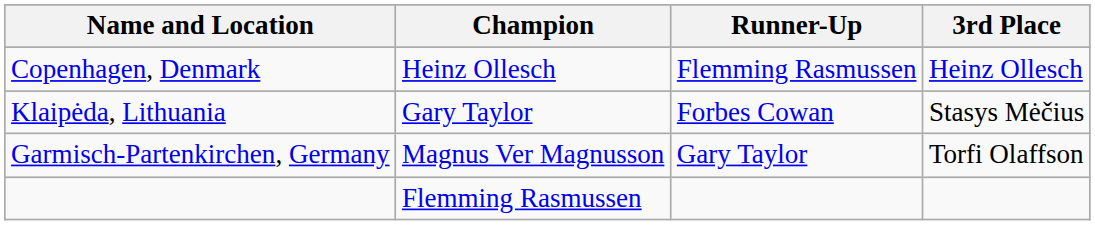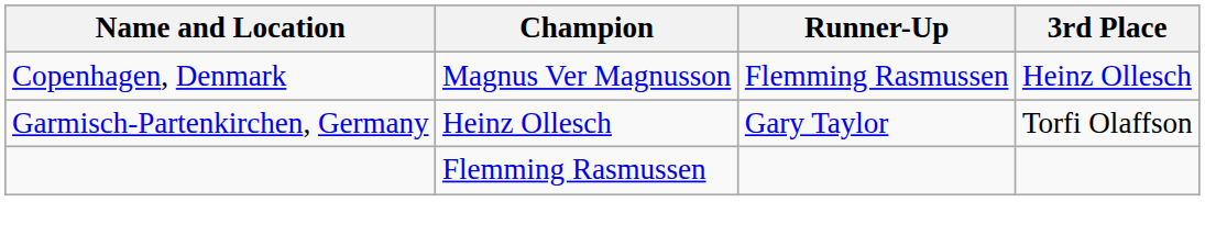 <table class="wikitable" style="display: inline-table">
 <tr>
 <th>Name and Location</th>
 <th>Champion</th>
 <th>Runner-Up</th>
 <th>3rd Place</th>
 </tr>
 <tr>
 <td> <a href='#'>Copenhagen</a>, <a href='#'>Denmark</a><br> </td>
-<td> <a href='#'>Heinz Ollesch</a></td>
+<td> <a href='#'>Magnus Ver Magnusson</a></td>
 <td> <a href='#'>Flemming Rasmussen</a></td>
 <td> <a href='#'>Heinz Ollesch</a></td>
 </tr>
 <tr>
-<td> <a href='#'>Klaipėda</a>, <a href='#'>Lithuania</a> <br> </td>
-<td> <a href='#'>Gary Taylor</a></td>
-<td> <a href='#'>Forbes Cowan</a></td>
-<td> Stasys Mėčius</td>
-</tr>
-<tr>
 <td> <a href='#'>Garmisch-Partenkirchen</a>, <a href='#'>Germany</a><br> </td>
-<td> <a href='#'>Magnus Ver Magnusson</a></td>
+<td> <a href='#'>Heinz Ollesch</a></td>
 <td> <a href='#'>Gary Taylor</a></td>
 <td> Torfi Olaffson</td>
 </tr>
 <tr>
 <td></td>
 <td> <a href='#'>Flemming Rasmussen</a></td>
 <td></td>
 <td></td>
 </tr>
 </table>
